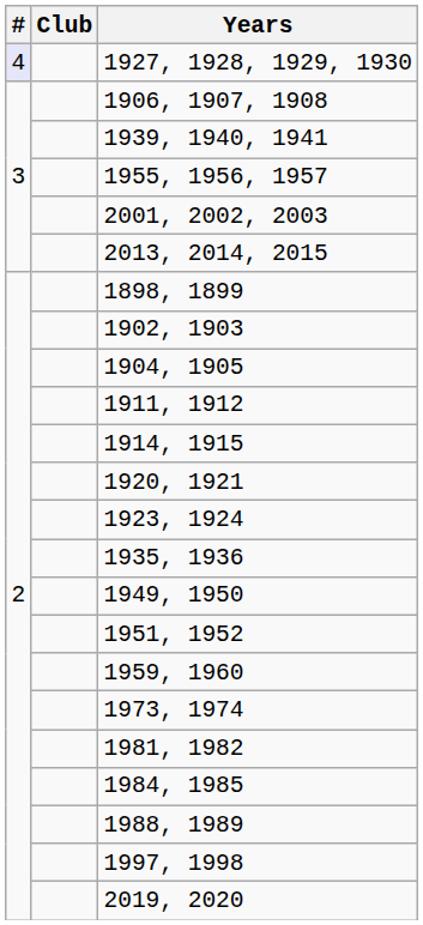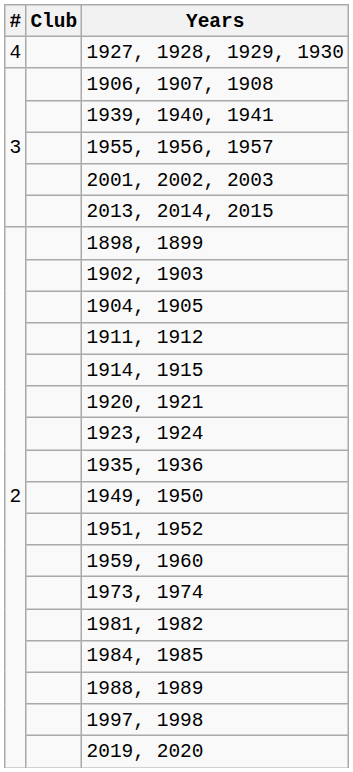 <table class="wikitable sortable">
 <tr>
 <th>#</th>
 <th>Club</th>
 <th>Years</th>
 </tr>
 <tr>
-<td align=center style="background: lavender;">4</td>
+<td align=center>4</td>
 <td></td>
 <td>1927, 1928, 1929, 1930</td>
 </tr>
 <tr>
 <td rowspan=5 align=center>3</td>
 <td></td>
 <td>1906, 1907, 1908</td>
 </tr>
 <tr>
 <td></td>
 <td>1939, 1940, 1941</td>
 </tr>
 <tr>
 <td></td>
 <td>1955, 1956, 1957</td>
 </tr>
 <tr>
 <td></td>
 <td>2001, 2002, 2003</td>
 </tr>
 <tr>
 <td></td>
 <td>2013, 2014, 2015</td>
 </tr>
 <tr>
 <td rowspan=17 align=center>2</td>
 <td></td>
 <td>1898, 1899</td>
 </tr>
 <tr>
 <td></td>
 <td>1902, 1903</td>
 </tr>
 <tr>
 <td></td>
 <td>1904, 1905</td>
 </tr>
 <tr>
 <td></td>
 <td>1911, 1912</td>
 </tr>
 <tr>
 <td></td>
 <td>1914, 1915</td>
 </tr>
 <tr>
 <td></td>
 <td>1920, 1921</td>
 </tr>
 <tr>
 <td></td>
 <td>1923, 1924</td>
 </tr>
 <tr>
 <td></td>
 <td>1935, 1936</td>
 </tr>
 <tr>
 <td></td>
 <td>1949, 1950</td>
 </tr>
 <tr>
 <td></td>
 <td>1951, 1952</td>
 </tr>
 <tr>
 <td></td>
 <td>1959, 1960</td>
 </tr>
 <tr>
 <td></td>
 <td>1973, 1974</td>
 </tr>
 <tr>
 <td></td>
 <td>1981, 1982</td>
 </tr>
 <tr>
 <td></td>
 <td>1984, 1985</td>
 </tr>
 <tr>
 <td></td>
 <td>1988, 1989</td>
 </tr>
 <tr>
 <td></td>
 <td>1997, 1998</td>
 </tr>
 <tr>
 <td></td>
 <td>2019, 2020</td>
 </tr>
 </table>
